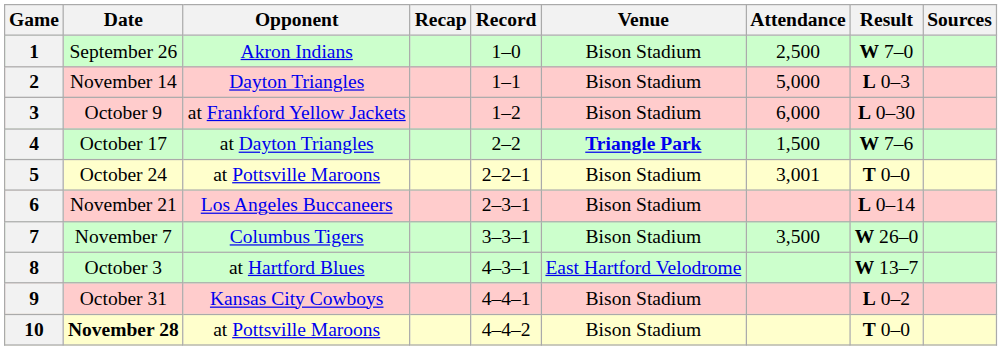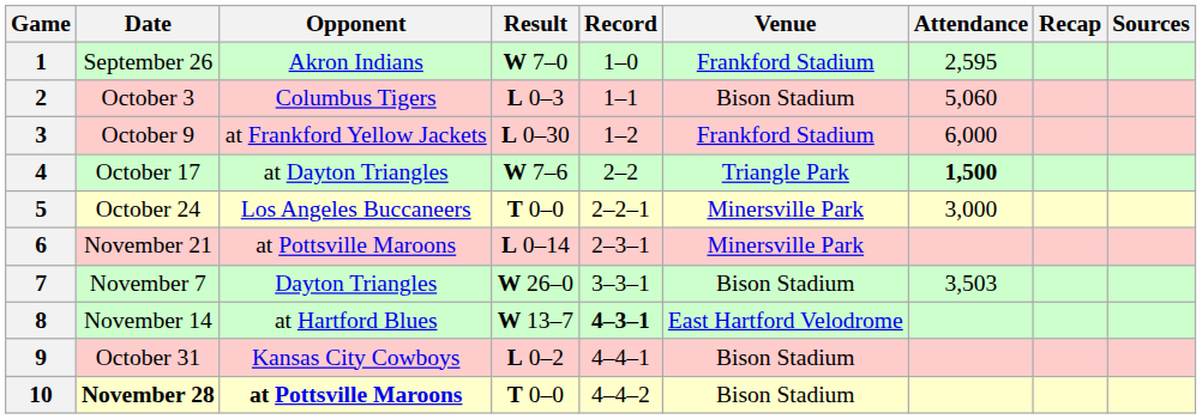 <table class="wikitable" style="text-align:center">
 <tr>
 <th>Game</th>
 <th>Date</th>
 <th>Opponent</th>
-<th>Recap</th>
+<th>Result</th>
 <th>Record</th>
 <th>Venue</th>
 <th>Attendance</th>
-<th>Result</th>
+<th>Recap</th>
 <th>Sources</th>
 </tr>
 <tr style="background:#cfc">
 <th>1</th>
 <td>September 26</td>
 <td><a href='#'>Akron Indians</a></td>
+<td><strong>W</strong> 7–0</td>
+<td>1–0</td>
+<td><a href='#'>Frankford Stadium</a></td>
+<td>2,595</td>
 <td></td>
-<td>1–0</td>
-<td>Bison Stadium</td>
-<td>2,500</td>
-<td><strong>W</strong> 7–0</td>
 <td></td>
 </tr>
 <tr style="background:#fcc">
 <th>2</th>
-<td>November 14</td>
-<td><a href='#'>Dayton Triangles</a></td>
-<td></td>
+<td>October 3</td>
+<td><a href='#'>Columbus Tigers</a></td>
+<td><strong>L</strong> 0–3</td>
 <td>1–1</td>
 <td>Bison Stadium</td>
-<td>5,000</td>
-<td><strong>L</strong> 0–3</td>
+<td>5,060</td>
+<td></td>
 <td></td>
 </tr>
 <tr style="background:#fcc">
 <th>3</th>
 <td>October 9</td>
 <td>at <a href='#'>Frankford Yellow Jackets</a></td>
+<td><strong>L</strong> 0–30</td>
+<td>1–2</td>
+<td><a href='#'>Frankford Stadium</a></td>
+<td>6,000</td>
 <td></td>
-<td>1–2</td>
-<td>Bison Stadium</td>
-<td>6,000</td>
-<td><strong>L</strong> 0–30</td>
 <td></td>
 </tr>
 <tr style="background:#cfc">
 <th>4</th>
 <td>October 17</td>
 <td>at <a href='#'>Dayton Triangles</a></td>
+<td><strong>W</strong> 7–6</td>
+<td>2–2</td>
+<td><a href='#'>Triangle Park</a></td>
+<td><strong>1,500</strong></td>
 <td></td>
-<td>2–2</td>
-<td><strong><a href='#'>Triangle Park</a></strong></td>
-<td>1,500</td>
-<td><strong>W</strong> 7–6</td>
 <td></td>
 </tr>
 <tr style="background:#ffc">
 <th>5</th>
 <td>October 24</td>
-<td>at <a href='#'>Pottsville Maroons</a></td>
+<td><a href='#'>Los Angeles Buccaneers</a></td>
+<td><strong>T</strong> 0–0</td>
+<td>2–2–1</td>
+<td><a href='#'>Minersville Park</a></td>
+<td>3,000</td>
 <td></td>
-<td>2–2–1</td>
-<td>Bison Stadium</td>
-<td>3,001</td>
-<td><strong>T</strong> 0–0</td>
 <td></td>
 </tr>
 <tr style="background:#fcc">
 <th>6</th>
 <td>November 21</td>
-<td><a href='#'>Los Angeles Buccaneers</a></td>
+<td>at <a href='#'>Pottsville Maroons</a></td>
+<td><strong>L</strong> 0–14</td>
+<td>2–3–1</td>
+<td><a href='#'>Minersville Park</a></td>
 <td></td>
-<td>2–3–1</td>
-<td>Bison Stadium</td>
 <td></td>
-<td><strong>L</strong> 0–14</td>
 <td></td>
 </tr>
 <tr style="background:#cfc">
 <th>7</th>
 <td>November 7</td>
-<td><a href='#'>Columbus Tigers</a></td>
-<td></td>
+<td><a href='#'>Dayton Triangles</a></td>
+<td><strong>W</strong> 26–0</td>
 <td>3–3–1</td>
 <td>Bison Stadium</td>
-<td>3,500</td>
-<td><strong>W</strong> 26–0</td>
+<td>3,503</td>
+<td></td>
 <td></td>
 </tr>
 <tr style="background:#cfc">
 <th>8</th>
-<td>October 3</td>
+<td>November 14</td>
 <td>at <a href='#'>Hartford Blues</a></td>
-<td></td>
-<td>4–3–1</td>
+<td><strong>W</strong> 13–7</td>
+<td><strong>4–3–1</strong></td>
 <td><a href='#'>East Hartford Velodrome</a></td>
 <td></td>
-<td><strong>W</strong> 13–7</td>
+<td></td>
 <td></td>
 </tr>
 <tr style="background:#fcc">
 <th>9</th>
 <td>October 31</td>
 <td><a href='#'>Kansas City Cowboys</a></td>
-<td></td>
+<td><strong>L</strong> 0–2</td>
 <td>4–4–1</td>
 <td>Bison Stadium</td>
 <td></td>
-<td><strong>L</strong> 0–2</td>
+<td></td>
 <td></td>
 </tr>
 <tr style="background:#ffc">
 <th>10</th>
 <td><strong>November 28</strong></td>
-<td>at <a href='#'>Pottsville Maroons</a></td>
-<td></td>
+<td><strong>at <a href='#'>Pottsville Maroons</a></strong></td>
+<td><strong>T</strong> 0–0</td>
 <td>4–4–2</td>
 <td>Bison Stadium</td>
 <td></td>
-<td><strong>T</strong> 0–0</td>
+<td></td>
 <td></td>
 </tr>
 </table>
